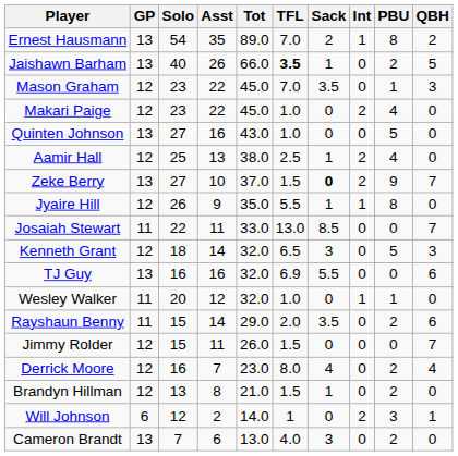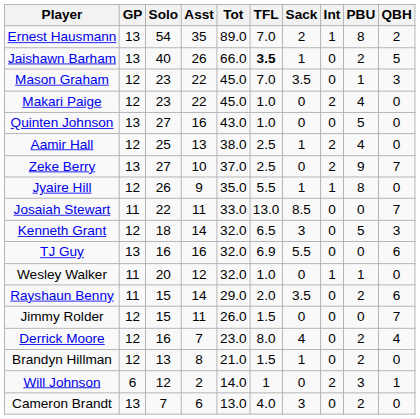 <table class="wikitable sortable sortable" style="text-align: center">
 <tr align=center>
 <th>Player</th>
 <th>GP</th>
 <th>Solo</th>
 <th>Asst</th>
 <th>Tot</th>
 <th>TFL</th>
 <th>Sack</th>
 <th>Int</th>
 <th>PBU</th>
 <th>QBH</th>
 </tr>
 <tr>
 <td><a href='#'>Ernest Hausmann</a></td>
 <td>13</td>
 <td>54</td>
 <td>35</td>
 <td>89.0</td>
 <td>7.0</td>
 <td>2</td>
 <td>1</td>
 <td>8</td>
 <td>2</td>
 </tr>
 <tr>
 <td><a href='#'>Jaishawn Barham</a></td>
 <td>13</td>
 <td>40</td>
 <td>26</td>
 <td>66.0</td>
 <td><strong>3.5</strong></td>
 <td>1</td>
 <td>0</td>
 <td>2</td>
 <td>5</td>
 </tr>
 <tr>
 <td><a href='#'>Mason Graham</a></td>
 <td>12</td>
 <td>23</td>
 <td>22</td>
 <td>45.0</td>
 <td>7.0</td>
 <td>3.5</td>
 <td>0</td>
 <td>1</td>
 <td>3</td>
 </tr>
 <tr>
 <td><a href='#'>Makari Paige</a></td>
 <td>12</td>
 <td>23</td>
 <td>22</td>
 <td>45.0</td>
 <td>1.0</td>
 <td>0</td>
 <td>2</td>
 <td>4</td>
 <td>0</td>
 </tr>
 <tr>
 <td><a href='#'>Quinten Johnson</a></td>
 <td>13</td>
 <td>27</td>
 <td>16</td>
 <td>43.0</td>
 <td>1.0</td>
 <td>0</td>
 <td>0</td>
 <td>5</td>
 <td>0</td>
 </tr>
 <tr>
 <td><a href='#'>Aamir Hall</a></td>
 <td>12</td>
 <td>25</td>
 <td>13</td>
 <td>38.0</td>
 <td>2.5</td>
 <td>1</td>
 <td>2</td>
 <td>4</td>
 <td>0</td>
 </tr>
 <tr>
 <td><a href='#'>Zeke Berry</a></td>
 <td>13</td>
 <td>27</td>
 <td>10</td>
 <td>37.0</td>
-<td>1.5</td>
-<td><strong>0</strong></td>
+<td>2.5</td>
+<td>0</td>
 <td>2</td>
 <td>9</td>
 <td>7</td>
 </tr>
 <tr>
 <td><a href='#'>Jyaire Hill</a></td>
 <td>12</td>
 <td>26</td>
 <td>9</td>
 <td>35.0</td>
 <td>5.5</td>
 <td>1</td>
 <td>1</td>
 <td>8</td>
 <td>0</td>
 </tr>
 <tr>
 <td><a href='#'>Josaiah Stewart</a></td>
 <td>11</td>
 <td>22</td>
 <td>11</td>
 <td>33.0</td>
 <td>13.0</td>
 <td>8.5</td>
 <td>0</td>
 <td>0</td>
 <td>7</td>
 </tr>
 <tr>
 <td><a href='#'>Kenneth Grant</a></td>
 <td>12</td>
 <td>18</td>
 <td>14</td>
 <td>32.0</td>
 <td>6.5</td>
 <td>3</td>
 <td>0</td>
 <td>5</td>
 <td>3</td>
 </tr>
 <tr>
 <td><a href='#'>TJ Guy</a></td>
 <td>13</td>
 <td>16</td>
 <td>16</td>
 <td>32.0</td>
 <td>6.9</td>
 <td>5.5</td>
 <td>0</td>
 <td>0</td>
 <td>6</td>
 </tr>
 <tr>
 <td>Wesley Walker</td>
 <td>11</td>
 <td>20</td>
 <td>12</td>
 <td>32.0</td>
 <td>1.0</td>
 <td>0</td>
 <td>1</td>
 <td>1</td>
 <td>0</td>
 </tr>
 <tr>
 <td><a href='#'>Rayshaun Benny</a></td>
 <td>11</td>
 <td>15</td>
 <td>14</td>
 <td>29.0</td>
 <td>2.0</td>
 <td>3.5</td>
 <td>0</td>
 <td>2</td>
 <td>6</td>
 </tr>
 <tr>
 <td>Jimmy Rolder</td>
 <td>12</td>
 <td>15</td>
 <td>11</td>
 <td>26.0</td>
 <td>1.5</td>
 <td>0</td>
 <td>0</td>
 <td>0</td>
 <td>7</td>
 </tr>
 <tr>
 <td><a href='#'>Derrick Moore</a></td>
 <td>12</td>
 <td>16</td>
 <td>7</td>
 <td>23.0</td>
 <td>8.0</td>
 <td>4</td>
 <td>0</td>
 <td>2</td>
 <td>4</td>
 </tr>
 <tr>
 <td>Brandyn Hillman</td>
 <td>12</td>
 <td>13</td>
 <td>8</td>
 <td>21.0</td>
 <td>1.5</td>
 <td>1</td>
 <td>0</td>
 <td>2</td>
 <td>0</td>
 </tr>
 <tr>
 <td><a href='#'>Will Johnson</a></td>
 <td>6</td>
 <td>12</td>
 <td>2</td>
 <td>14.0</td>
 <td>1</td>
 <td>0</td>
 <td>2</td>
 <td>3</td>
 <td>1</td>
 </tr>
 <tr>
 <td>Cameron Brandt</td>
 <td>13</td>
 <td>7</td>
 <td>6</td>
 <td>13.0</td>
 <td>4.0</td>
 <td>3</td>
 <td>0</td>
 <td>2</td>
 <td>0</td>
 </tr>
 </table>
